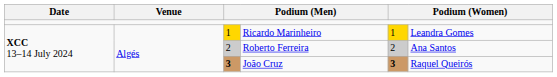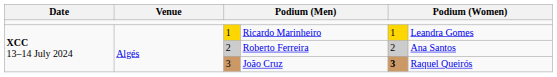 <table class="wikitable" width=70%>
 <tr>
 <th>Date</th>
 <th width=20%>Venue</th>
 <th colspan=2 width=30%>Podium (Men)</th>
 <th colspan=2 width=30%>Podium (Women)</th>
 </tr>
 <tr>
 <td colspan=6></td>
 </tr>
 <tr>
 <td rowspan=3><strong>XCC</strong> <br> 13–14 July 2024</td>
 <td rowspan=3><br><a href='#'>Algés</a></td>
 <td bgcolor=FFD700>1</td>
 <td><a href='#'>Ricardo Marinheiro</a></td>
 <td bgcolor=FFD700>1</td>
 <td><a href='#'>Leandra Gomes</a></td>
 </tr>
 <tr>
 <td bgcolor=CCCCCC>2</td>
 <td><a href='#'>Roberto Ferreira</a></td>
 <td bgcolor=CCCCCC>2</td>
 <td><a href='#'>Ana Santos</a></td>
 </tr>
 <tr>
-<td bgcolor=CC9966><strong>3</strong></td>
+<td bgcolor=CC9966>3</td>
 <td><a href='#'>João Cruz</a></td>
 <td bgcolor=CC9966><strong>3</strong></td>
 <td><a href='#'>Raquel Queirós</a></td>
 </tr>
 </table>
